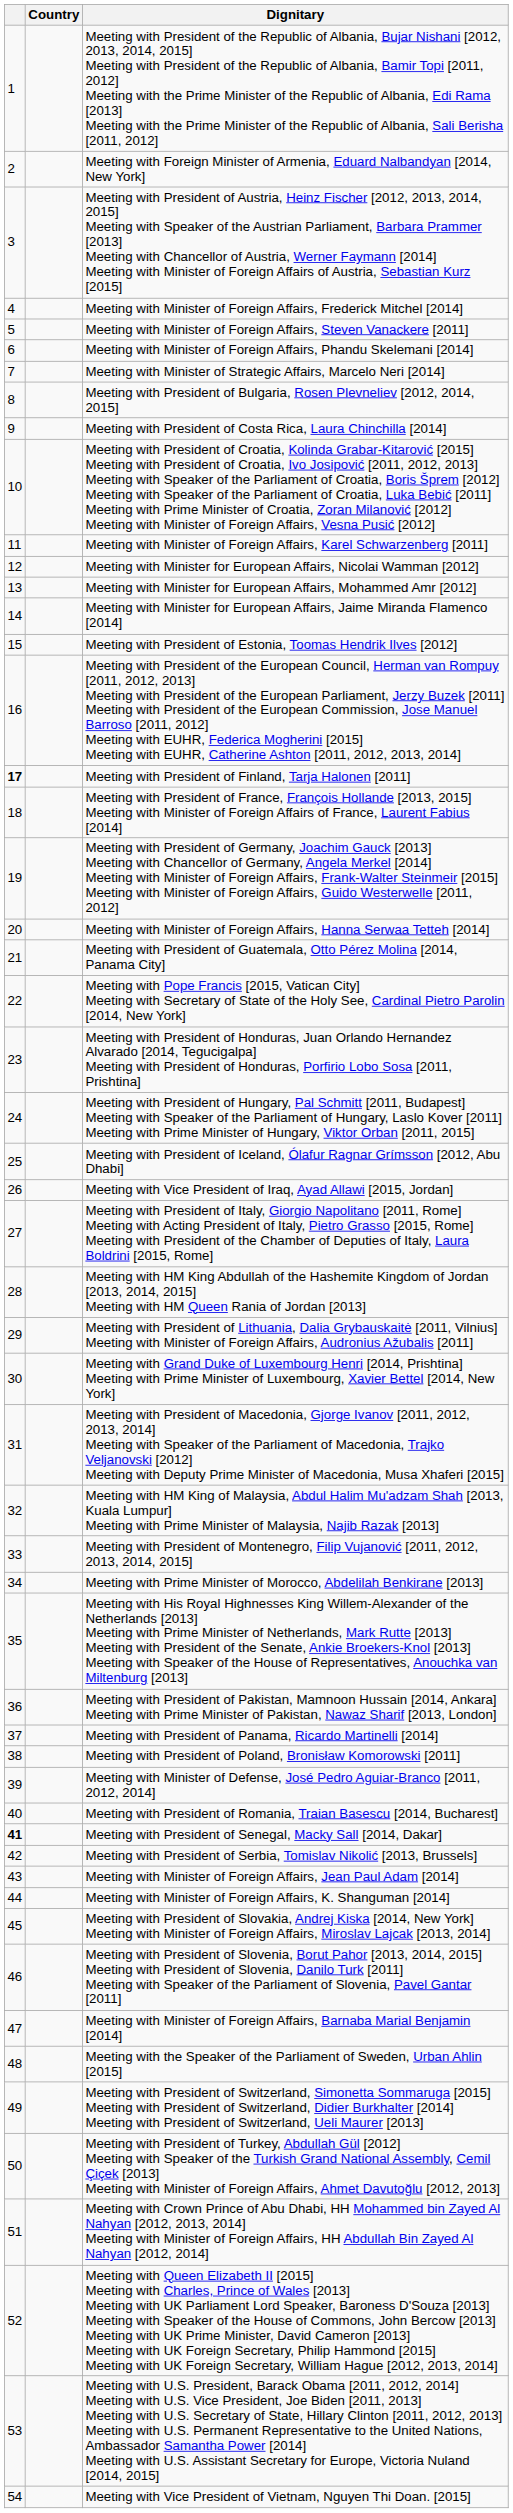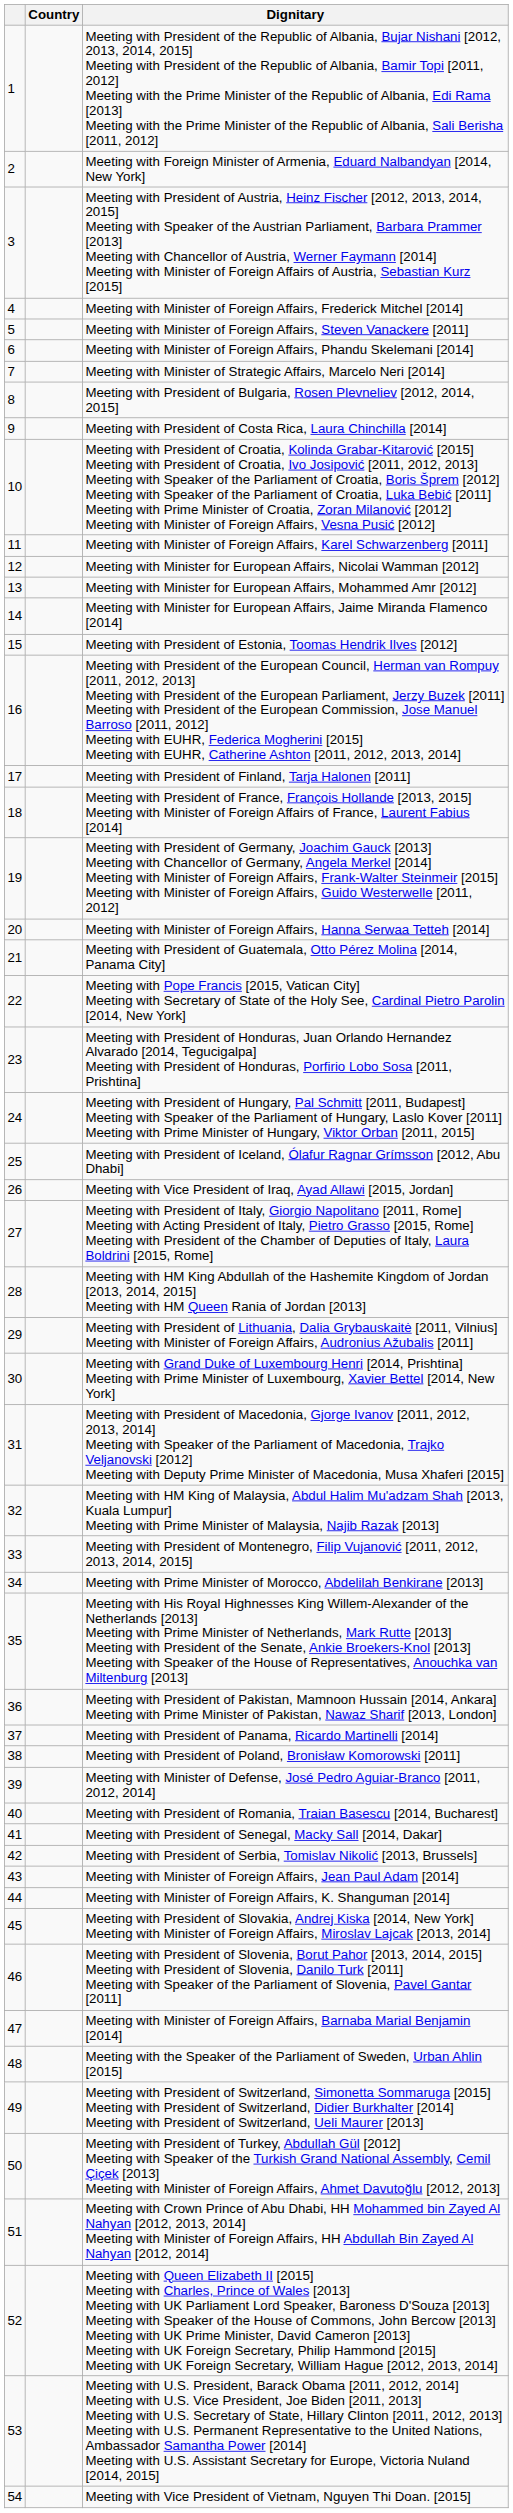 <table class="wikitable sortable mw-collapsible mw-collapsed">
 <tr>
 <th></th>
 <th>Country</th>
 <th>Dignitary</th>
 </tr>
 <tr>
 <td>1</td>
 <td></td>
 <td>Meeting with President of the Republic of Albania, <a href='#'>Bujar Nishani</a> [2012, 2013, 2014, 2015]<br>Meeting with President of the Republic of Albania, <a href='#'>Bamir Topi</a> [2011, 2012]<br>Meeting with the Prime Minister of the Republic of Albania, <a href='#'>Edi Rama</a> [2013]<br>Meeting with the Prime Minister of the Republic of Albania, <a href='#'>Sali Berisha</a> [2011, 2012]</td>
 </tr>
 <tr>
 <td>2</td>
 <td></td>
 <td>Meeting with Foreign Minister of Armenia, <a href='#'>Eduard Nalbandyan</a> [2014, New York]</td>
 </tr>
 <tr>
 <td>3</td>
 <td></td>
 <td>Meeting with President of Austria, <a href='#'>Heinz Fischer</a> [2012, 2013, 2014, 2015]<br>Meeting with Speaker of the Austrian Parliament, <a href='#'>Barbara Prammer</a> [2013]<br>Meeting with Chancellor of Austria, <a href='#'>Werner Faymann</a> [2014]<br>Meeting with Minister of Foreign Affairs of Austria, <a href='#'>Sebastian Kurz</a> [2015]</td>
 </tr>
 <tr>
 <td>4</td>
 <td></td>
 <td>Meeting with Minister of Foreign Affairs, Frederick Mitchel [2014]</td>
 </tr>
 <tr>
 <td>5</td>
 <td></td>
 <td>Meeting with Minister of Foreign Affairs, <a href='#'>Steven Vanackere</a> [2011]</td>
 </tr>
 <tr>
 <td>6</td>
 <td></td>
 <td>Meeting with Minister of Foreign Affairs, Phandu Skelemani [2014]</td>
 </tr>
 <tr>
 <td>7</td>
 <td></td>
 <td>Meeting with Minister of Strategic Affairs, Marcelo Neri [2014]</td>
 </tr>
 <tr>
 <td>8</td>
 <td></td>
 <td>Meeting with President of Bulgaria, <a href='#'>Rosen Plevneliev</a> [2012, 2014, 2015]</td>
 </tr>
 <tr>
 <td>9</td>
 <td></td>
 <td>Meeting with President of Costa Rica, <a href='#'>Laura Chinchilla</a> [2014]</td>
 </tr>
 <tr>
 <td>10</td>
 <td></td>
 <td>Meeting with President of Croatia, <a href='#'>Kolinda Grabar-Kitarović</a> [2015]<br>Meeting with President of Croatia, <a href='#'>Ivo Josipović</a> [2011, 2012, 2013]<br>Meeting with Speaker of the Parliament of Croatia, <a href='#'>Boris Šprem</a> [2012]<br>Meeting with Speaker of the Parliament of Croatia, <a href='#'>Luka Bebić</a> [2011]<br>Meeting with Prime Minister of Croatia, <a href='#'>Zoran Milanović</a> [2012]<br>Meeting with Minister of Foreign Affairs, <a href='#'>Vesna Pusić</a> [2012]</td>
 </tr>
 <tr>
 <td>11</td>
 <td></td>
 <td>Meeting with Minister of Foreign Affairs, <a href='#'>Karel Schwarzenberg</a> [2011]</td>
 </tr>
 <tr>
 <td>12</td>
 <td></td>
 <td>Meeting with Minister for European Affairs, Nicolai Wamman [2012]</td>
 </tr>
 <tr>
 <td>13</td>
 <td></td>
 <td>Meeting with Minister for European Affairs, Mohammed Amr [2012]</td>
 </tr>
 <tr>
 <td>14</td>
 <td></td>
 <td>Meeting with Minister for European Affairs, Jaime Miranda Flamenco [2014]</td>
 </tr>
 <tr>
 <td>15</td>
 <td></td>
 <td>Meeting with President of Estonia, <a href='#'>Toomas Hendrik Ilves</a> [2012]</td>
 </tr>
 <tr>
 <td>16</td>
 <td></td>
 <td>Meeting with President of the European Council, <a href='#'>Herman van Rompuy</a> [2011, 2012, 2013]<br>Meeting with President of the European Parliament, <a href='#'>Jerzy Buzek</a> [2011]<br>Meeting with President of the European Commission, <a href='#'>Jose Manuel Barroso</a> [2011, 2012]<br> Meeting with EUHR, <a href='#'>Federica Mogherini</a> [2015]<br> Meeting with EUHR, <a href='#'>Catherine Ashton</a> [2011, 2012, 2013, 2014]</td>
 </tr>
 <tr>
-<td><strong>17</strong></td>
+<td>17</td>
 <td></td>
 <td>Meeting with President of Finland, <a href='#'>Tarja Halonen</a> [2011]</td>
 </tr>
 <tr>
 <td>18</td>
 <td></td>
 <td>Meeting with President of France, <a href='#'>François Hollande</a> [2013, 2015]<br>Meeting with Minister of Foreign Affairs of France, <a href='#'>Laurent Fabius</a> [2014]</td>
 </tr>
 <tr>
 <td>19</td>
 <td></td>
 <td>Meeting with President of Germany, <a href='#'>Joachim Gauck</a> [2013]<br>Meeting with Chancellor of Germany, <a href='#'>Angela Merkel</a> [2014]<br>Meeting with Minister of Foreign Affairs, <a href='#'>Frank-Walter Steinmeir</a> [2015]<br>Meeting with Minister of Foreign Affairs, <a href='#'>Guido Westerwelle</a> [2011, 2012]</td>
 </tr>
 <tr>
 <td>20</td>
 <td></td>
 <td>Meeting with Minister of Foreign Affairs, <a href='#'>Hanna Serwaa Tetteh</a> [2014]</td>
 </tr>
 <tr>
 <td>21</td>
 <td></td>
 <td>Meeting with President of Guatemala, <a href='#'>Otto Pérez Molina</a> [2014, Panama City]</td>
 </tr>
 <tr>
 <td>22</td>
 <td></td>
 <td>Meeting with <a href='#'>Pope Francis</a> [2015, Vatican City]<br>Meeting with Secretary of State of the Holy See, <a href='#'>Cardinal Pietro Parolin</a> [2014, New York]</td>
 </tr>
 <tr>
 <td>23</td>
 <td></td>
 <td>Meeting with President of Honduras, Juan Orlando Hernandez Alvarado [2014, Tegucigalpa]<br>Meeting with President of Honduras, <a href='#'>Porfirio Lobo Sosa</a> [2011, Prishtina]</td>
 </tr>
 <tr>
 <td>24</td>
 <td></td>
 <td>Meeting with President of Hungary, <a href='#'>Pal Schmitt</a> [2011, Budapest]<br>Meeting with Speaker of the Parliament of Hungary, Laslo Kover [2011]<br>Meeting with Prime Minister of Hungary, <a href='#'>Viktor Orban</a> [2011, 2015]</td>
 </tr>
 <tr>
 <td>25</td>
 <td></td>
 <td>Meeting with President of Iceland, <a href='#'>Ólafur Ragnar Grímsson</a> [2012, Abu Dhabi]</td>
 </tr>
 <tr>
 <td>26</td>
 <td></td>
 <td>Meeting with Vice President of Iraq, <a href='#'>Ayad Allawi</a> [2015, Jordan]</td>
 </tr>
 <tr>
 <td>27</td>
 <td></td>
 <td>Meeting with President of Italy, <a href='#'>Giorgio Napolitano</a> [2011, Rome]<br>Meeting with Acting President of Italy, <a href='#'>Pietro Grasso</a> [2015, Rome]<br>Meeting with President of the Chamber of Deputies of Italy, <a href='#'>Laura Boldrini</a> [2015, Rome]</td>
 </tr>
 <tr>
 <td>28</td>
 <td></td>
 <td>Meeting with HM King Abdullah of the Hashemite Kingdom of Jordan [2013, 2014, 2015]<br> Meeting with HM <a href='#'>Queen</a> Rania of Jordan [2013]</td>
 </tr>
 <tr>
 <td>29</td>
 <td></td>
 <td>Meeting with President of <a href='#'>Lithuania</a>, <a href='#'>Dalia Grybauskaitė</a> [2011, Vilnius]<br>Meeting with Minister of Foreign Affairs, <a href='#'>Audronius Ažubalis</a> [2011]</td>
 </tr>
 <tr>
 <td>30</td>
 <td></td>
 <td>Meeting with <a href='#'>Grand Duke of Luxembourg Henri</a> [2014, Prishtina]<br>Meeting with Prime Minister of Luxembourg, <a href='#'>Xavier Bettel</a> [2014, New York]</td>
 </tr>
 <tr>
 <td>31</td>
 <td></td>
 <td>Meeting with President of Macedonia, <a href='#'>Gjorge Ivanov</a> [2011, 2012, 2013, 2014]<br>Meeting with Speaker of the Parliament of Macedonia, <a href='#'>Trajko Veljanovski</a> [2012]<br>Meeting with Deputy Prime Minister of Macedonia, Musa Xhaferi [2015]</td>
 </tr>
 <tr>
 <td>32</td>
 <td></td>
 <td>Meeting with HM King of Malaysia, <a href='#'>Abdul Halim Mu'adzam Shah</a> [2013, Kuala Lumpur]<br> Meeting with Prime Minister of Malaysia, <a href='#'>Najib Razak</a> [2013]</td>
 </tr>
 <tr>
 <td>33</td>
 <td></td>
 <td>Meeting with President of Montenegro, <a href='#'>Filip Vujanović</a> [2011, 2012, 2013, 2014, 2015]</td>
 </tr>
 <tr>
 <td>34</td>
 <td></td>
 <td>Meeting with Prime Minister of Morocco, <a href='#'>Abdelilah Benkirane</a> [2013]</td>
 </tr>
 <tr>
 <td>35</td>
 <td></td>
 <td>Meeting with His Royal Highnesses King Willem-Alexander of the Netherlands [2013]<br>Meeting with Prime Minister of Netherlands, <a href='#'>Mark Rutte</a> [2013]<br>Meeting with President of the Senate, <a href='#'>Ankie Broekers-Knol</a> [2013]<br>Meeting with Speaker of the House of Representatives, <a href='#'>Anouchka van Miltenburg</a> [2013]</td>
 </tr>
 <tr>
 <td>36</td>
 <td></td>
 <td>Meeting with President of Pakistan, Mamnoon Hussain [2014, Ankara]<br>Meeting with Prime Minister of Pakistan, <a href='#'>Nawaz Sharif</a> [2013, London]</td>
 </tr>
 <tr>
 <td>37</td>
 <td></td>
 <td>Meeting with President of Panama, <a href='#'>Ricardo Martinelli</a> [2014]</td>
 </tr>
 <tr>
 <td>38</td>
 <td></td>
 <td>Meeting with President of Poland, <a href='#'>Bronisław Komorowski</a> [2011]</td>
 </tr>
 <tr>
 <td>39</td>
 <td></td>
 <td>Meeting with Minister of Defense, <a href='#'>José Pedro Aguiar-Branco</a> [2011, 2012, 2014]</td>
 </tr>
 <tr>
 <td>40</td>
 <td></td>
 <td>Meeting with President of Romania, <a href='#'>Traian Basescu</a> [2014, Bucharest]</td>
 </tr>
 <tr>
-<td><strong>41</strong></td>
+<td>41</td>
 <td></td>
 <td>Meeting with President of Senegal, <a href='#'>Macky Sall</a> [2014, Dakar]</td>
 </tr>
 <tr>
 <td>42</td>
 <td></td>
 <td>Meeting with President of Serbia, <a href='#'>Tomislav Nikolić</a> [2013, Brussels]</td>
 </tr>
 <tr>
 <td>43</td>
 <td></td>
 <td>Meeting with Minister of Foreign Affairs, <a href='#'>Jean Paul Adam</a> [2014]</td>
 </tr>
 <tr>
 <td>44</td>
 <td></td>
 <td>Meeting with Minister of Foreign Affairs, K. Shanguman [2014]</td>
 </tr>
 <tr>
 <td>45</td>
 <td></td>
 <td>Meeting with President of Slovakia, <a href='#'>Andrej Kiska</a> [2014, New York]<br>Meeting with Minister of Foreign Affairs, <a href='#'>Miroslav Lajcak</a> [2013, 2014]</td>
 </tr>
 <tr>
 <td>46</td>
 <td></td>
 <td>Meeting with President of Slovenia, <a href='#'>Borut Pahor</a> [2013, 2014, 2015]<br>Meeting with President of Slovenia, <a href='#'>Danilo Turk</a> [2011]<br>Meeting with Speaker of the Parliament of Slovenia, <a href='#'>Pavel Gantar</a> [2011]</td>
 </tr>
 <tr>
 <td>47</td>
 <td></td>
 <td>Meeting with Minister of Foreign Affairs, <a href='#'>Barnaba Marial Benjamin</a> [2014]</td>
 </tr>
 <tr>
 <td>48</td>
 <td></td>
 <td>Meeting with the Speaker of the Parliament of Sweden, <a href='#'>Urban Ahlin</a> [2015]</td>
 </tr>
 <tr>
 <td>49</td>
 <td></td>
 <td>Meeting with President of Switzerland, <a href='#'>Simonetta Sommaruga</a> [2015]<br>Meeting with President of Switzerland, <a href='#'>Didier Burkhalter</a> [2014]<br>Meeting with President of Switzerland, <a href='#'>Ueli Maurer</a> [2013]</td>
 </tr>
 <tr>
 <td>50</td>
 <td></td>
 <td>Meeting with President of Turkey, <a href='#'>Abdullah Gül</a> [2012]<br>Meeting with Speaker of the <a href='#'>Turkish Grand National Assembly</a>, <a href='#'>Cemil Çiçek</a> [2013]<br>Meeting with Minister of Foreign Affairs, <a href='#'>Ahmet Davutoğlu</a> [2012, 2013]</td>
 </tr>
 <tr>
 <td>51</td>
 <td></td>
 <td>Meeting with Crown Prince of Abu Dhabi, HH <a href='#'>Mohammed bin Zayed Al Nahyan</a> [2012, 2013, 2014]<br>Meeting with Minister of Foreign Affairs, HH <a href='#'>Abdullah Bin Zayed Al Nahyan</a> [2012, 2014]</td>
 </tr>
 <tr>
 <td>52</td>
 <td></td>
 <td>Meeting with <a href='#'>Queen Elizabeth II</a> [2015]<br>Meeting with <a href='#'>Charles, Prince of Wales</a> [2013]<br>Meeting with UK Parliament Lord Speaker, Baroness D'Souza [2013]<br>Meeting with Speaker of the House of Commons, John Bercow [2013]<br>Meeting with UK Prime Minister, David Cameron [2013]<br> Meeting with UK Foreign Secretary, Philip Hammond [2015]<br> Meeting with UK Foreign Secretary, William Hague [2012, 2013, 2014]</td>
 </tr>
 <tr>
 <td>53</td>
 <td></td>
 <td>Meeting with U.S. President, Barack Obama [2011, 2012, 2014]<br>Meeting with U.S. Vice President, Joe Biden [2011, 2013]<br>Meeting with U.S. Secretary of State, Hillary Clinton [2011, 2012, 2013]<br>Meeting with U.S. Permanent Representative to the United Nations, Ambassador <a href='#'>Samantha Power</a> [2014]<br>Meeting with U.S. Assistant Secretary for Europe, Victoria Nuland [2014, 2015]</td>
 </tr>
 <tr>
 <td>54</td>
 <td></td>
 <td>Meeting with Vice President of Vietnam, Nguyen Thi Doan. [2015]</td>
 </tr>
 </table>
